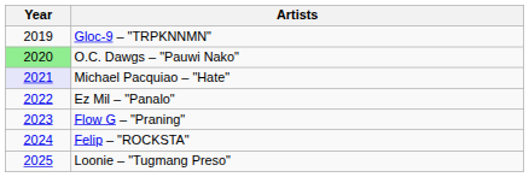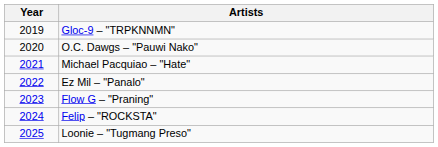 <table class="wikitable sortable"  style="width:50%;">
 <tr>
 <th width=5%  scope="col">Year</th>
 <th width=40%  scope="col">Artists</th>
 </tr>
 <tr>
 <td align="center">2019</td>
 <td><a href='#'>Gloc-9</a> – "TRPKNNMN"</td>
 </tr>
 <tr>
-<td align="center" style="background: lightgreen;">2020</td>
+<td align="center">2020</td>
 <td>O.C. Dawgs – "Pauwi Nako"</td>
 </tr>
 <tr>
-<td align="center" style="background: lavender;"><a href='#'>2021</a></td>
+<td align="center"><a href='#'>2021</a></td>
 <td>Michael Pacquiao – "Hate"</td>
 </tr>
 <tr>
 <td align="center"><a href='#'>2022</a></td>
 <td>Ez Mil – "Panalo"</td>
 </tr>
 <tr>
 <td align="center"><a href='#'>2023</a></td>
 <td><a href='#'>Flow G</a> – "Praning"</td>
 </tr>
 <tr>
 <td align="center"><a href='#'>2024</a></td>
 <td><a href='#'>Felip</a> – "ROCKSTA"</td>
 </tr>
 <tr>
 <td align="center"><a href='#'>2025</a></td>
 <td>Loonie – "Tugmang Preso"</td>
 </tr>
 </table>
